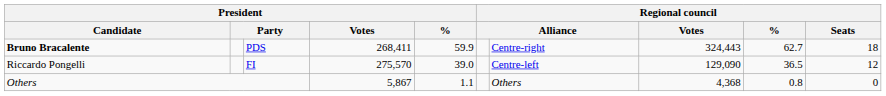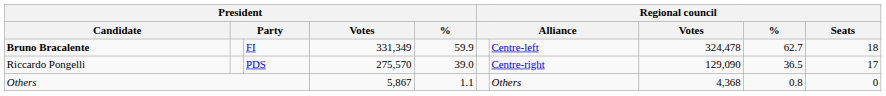 <table class="wikitable" style="text-align:right; style="width=65%">
 <tr>
 <th colspan="5">President</th>
 <th colspan="7">Regional council</th>
 </tr>
 <tr>
 <th>Candidate</th>
 <th colspan="2">Party</th>
 <th>Votes</th>
 <th>%</th>
 <th colspan="2">Alliance</th>
 <th>Votes</th>
 <th>%</th>
 <th>Seats</th>
 </tr>
 <tr>
 <td style="text-align:left"><strong>Bruno Bracalente</strong></td>
 <td></td>
-<td style="text-align:left"><a href='#'>PDS</a></td>
-<td>268,411</td>
+<td style="text-align:left"><a href='#'>FI</a></td>
+<td>331,349</td>
 <td>59.9</td>
 <td></td>
-<td style="text-align:left"><a href='#'>Centre-right</a></td>
-<td>324,443</td>
+<td style="text-align:left"><a href='#'>Centre-left</a></td>
+<td>324,478</td>
 <td>62.7</td>
 <td>18</td>
 </tr>
 <tr>
 <td style="text-align:left">Riccardo Pongelli</td>
 <td></td>
-<td style="text-align:left"><a href='#'>FI</a></td>
+<td style="text-align:left"><a href='#'>PDS</a></td>
 <td>275,570</td>
 <td>39.0</td>
 <td></td>
-<td style="text-align:left"><a href='#'>Centre-left</a></td>
+<td style="text-align:left"><a href='#'>Centre-right</a></td>
 <td>129,090</td>
 <td>36.5</td>
-<td>12</td>
+<td>17</td>
 </tr>
 <tr>
 <td colspan="3" style="text-align:left"><em>Others</em></td>
 <td>5,867</td>
 <td>1.1</td>
 <td></td>
 <td style="text-align:left"><em>Others</em></td>
 <td>4,368</td>
 <td>0.8</td>
 <td>0</td>
 </tr>
 </table>
